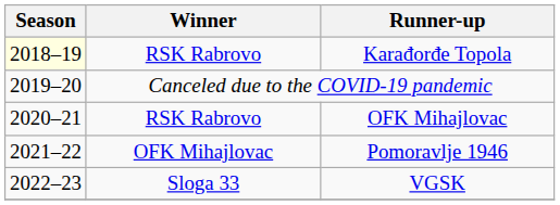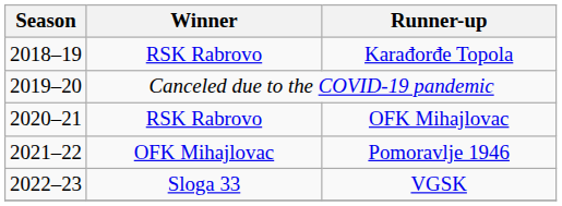 <table class="wikitable sortable" style="text-align:center">
 <tr>
 <th>Season</th>
 <th width=175>Winner</th>
 <th width=175>Runner-up</th>
 </tr>
 <tr>
-<td style="background: lightyellow;">2018–19 </td>
+<td>2018–19 </td>
 <td><a href='#'>RSK Rabrovo</a></td>
 <td><a href='#'>Karađorđe Topola</a></td>
 </tr>
 <tr>
 <td>2019–20 </td>
 <td colspan=6><em>Canceled due to the <a href='#'>COVID-19 pandemic</a></em></td>
 </tr>
 <tr>
 <td>2020–21 </td>
 <td><a href='#'>RSK Rabrovo</a></td>
 <td><a href='#'>OFK Mihajlovac</a></td>
 </tr>
 <tr>
 <td>2021–22 </td>
 <td><a href='#'>OFK Mihajlovac</a></td>
 <td><a href='#'>Pomoravlje 1946</a></td>
 </tr>
 <tr>
 <td>2022–23 </td>
 <td><a href='#'>Sloga 33</a></td>
 <td><a href='#'>VGSK</a></td>
 </tr>
 <tr>
 </tr>
 </table>
